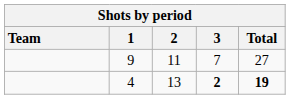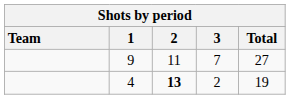 <table class="wikitable" style="width:20em; text-align:right;">
 <tr>
 <th colspan=6>Shots by period</th>
 </tr>
 <tr>
 <th style="width:8em; text-align:left;">Team</th>
 <th style="width:3em;">1</th>
 <th style="width:3em;">2</th>
 <th style="width:3em;">3</th>
 <th style="width:3em;">Total</th>
 </tr>
 <tr>
 <td style="text-align:left;"></td>
 <td align=center>9</td>
 <td align=center>11</td>
 <td align=center>7</td>
 <td align=center>27</td>
 </tr>
 <tr>
 <td style="text-align:left;"></td>
 <td align=center>4</td>
-<td align=center>13</td>
-<td align=center><strong>2</strong></td>
-<td align=center><strong>19</strong></td>
+<td align=center><strong>13</strong></td>
+<td align=center>2</td>
+<td align=center>19</td>
 </tr>
 </table>
